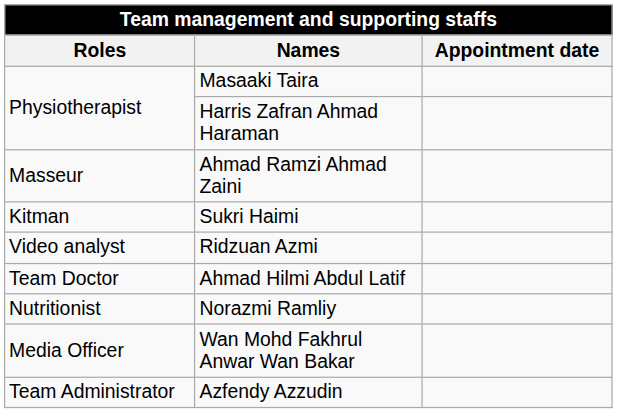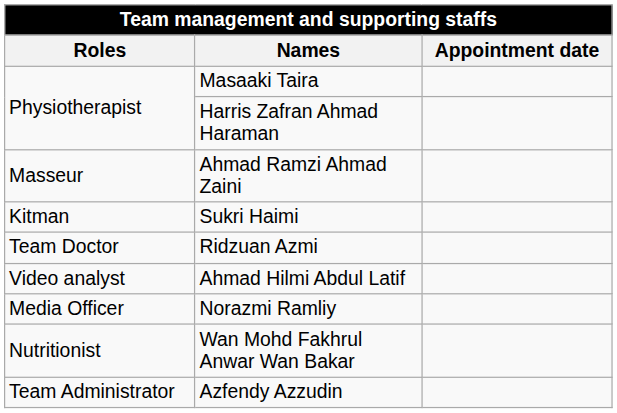 <table class="wikitable" style="text-align: left;">
 <tr>
 <th colspan=5 style="background: #000000; color: #FFFFFF;">Team management and supporting staffs</th>
 </tr>
 <tr>
 <th width=150px>Roles</th>
 <th width=180px>Names</th>
 <th width=150px>Appointment date</th>
 </tr>
 <tr>
 <td rowspan="2">Physiotherapist</td>
 <td> Masaaki Taira</td>
 <td></td>
 </tr>
 <tr>
 <td> Harris Zafran Ahmad Haraman</td>
 <td></td>
 </tr>
 <tr>
 <td>Masseur</td>
 <td> Ahmad Ramzi Ahmad Zaini</td>
 <td></td>
 </tr>
 <tr>
 <td>Kitman</td>
 <td> Sukri Haimi</td>
 <td></td>
 </tr>
 <tr>
-<td>Video analyst</td>
+<td>Team Doctor</td>
 <td> Ridzuan Azmi</td>
 <td></td>
 </tr>
 <tr>
-<td>Team Doctor</td>
+<td>Video analyst</td>
 <td> Ahmad Hilmi Abdul Latif</td>
 <td></td>
 </tr>
 <tr>
-<td>Nutritionist</td>
+<td>Media Officer</td>
 <td> Norazmi Ramliy</td>
 <td></td>
 </tr>
 <tr>
-<td>Media Officer</td>
+<td>Nutritionist</td>
 <td> Wan Mohd Fakhrul Anwar Wan Bakar</td>
 <td></td>
 </tr>
 <tr>
 <td>Team Administrator</td>
 <td> Azfendy Azzudin</td>
 <td></td>
 </tr>
 </table>
